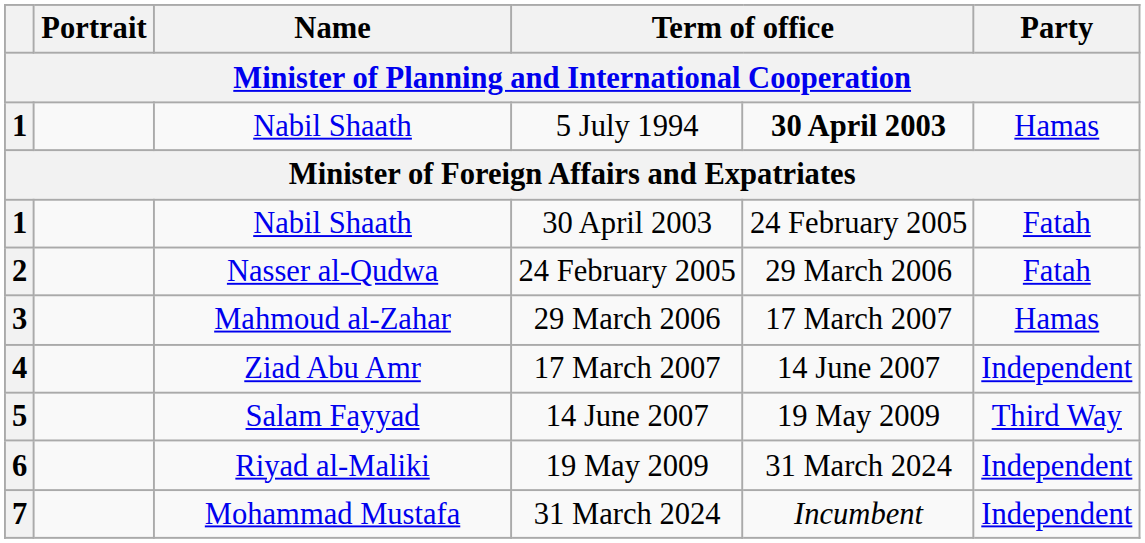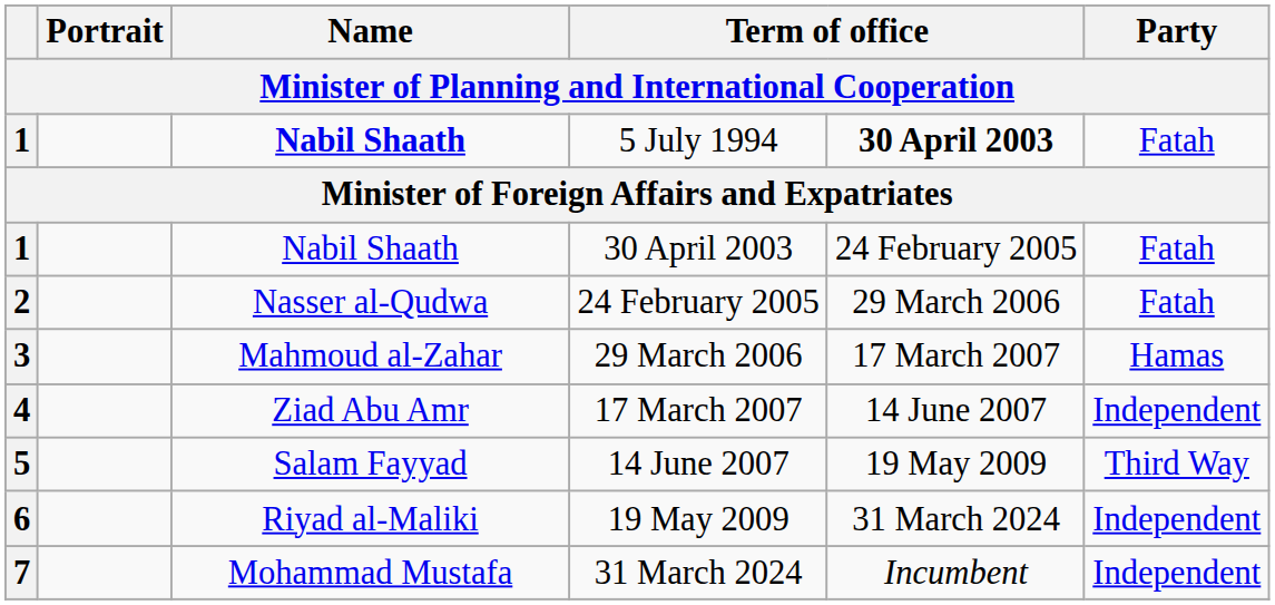 <table class="wikitable" style="text-align:center">
 <tr>
 <th></th>
 <th>Portrait</th>
 <th width=180>Name<br></th>
 <th colspan=2>Term of office</th>
 <th>Party</th>
 </tr>
 <tr>
 <th colspan="6"><a href='#'>Minister of Planning and International Cooperation</a></th>
 </tr>
 <tr>
 <th style="background:">1</th>
 <td></td>
-<td><a href='#'>Nabil Shaath</a><br></td>
+<td><strong><a href='#'>Nabil Shaath</a><br></strong></td>
 <td>5 July 1994</td>
 <td><strong>30 April 2003</strong></td>
-<td><a href='#'>Hamas</a></td>
+<td><a href='#'>Fatah</a><br></td>
 </tr>
 <tr>
 <th colspan="6">Minister of Foreign Affairs and Expatriates</th>
 </tr>
 <tr>
 <th style="background:">1</th>
 <td></td>
 <td><a href='#'>Nabil Shaath</a><br></td>
 <td>30 April 2003</td>
 <td>24 February 2005</td>
 <td><a href='#'>Fatah</a><br></td>
 </tr>
 <tr>
 <th style="background:">2</th>
 <td></td>
 <td><a href='#'>Nasser al-Qudwa</a><br></td>
 <td>24 February 2005</td>
 <td>29 March 2006</td>
 <td><a href='#'>Fatah</a><br></td>
 </tr>
 <tr>
 <th style="background:">3</th>
 <td></td>
 <td><a href='#'>Mahmoud al-Zahar</a><br></td>
 <td>29 March 2006</td>
 <td>17 March 2007</td>
 <td><a href='#'>Hamas</a></td>
 </tr>
 <tr>
 <th style="background:">4</th>
 <td></td>
 <td><a href='#'>Ziad Abu Amr</a><br></td>
 <td>17 March 2007</td>
 <td>14 June 2007</td>
 <td><a href='#'>Independent</a></td>
 </tr>
 <tr>
 <th style="background:">5</th>
 <td></td>
 <td><a href='#'>Salam Fayyad</a><br></td>
 <td>14 June 2007</td>
 <td>19 May 2009</td>
 <td><a href='#'>Third Way</a></td>
 </tr>
 <tr>
 <th style="background:">6</th>
 <td></td>
 <td><a href='#'>Riyad al-Maliki</a><br></td>
 <td>19 May 2009</td>
 <td>31 March 2024</td>
 <td><a href='#'>Independent</a></td>
 </tr>
 <tr>
 <th style="background:">7</th>
 <td></td>
 <td><a href='#'>Mohammad Mustafa</a><br></td>
 <td>31 March 2024</td>
 <td><em>Incumbent</em></td>
 <td><a href='#'>Independent</a></td>
 </tr>
 </table>
